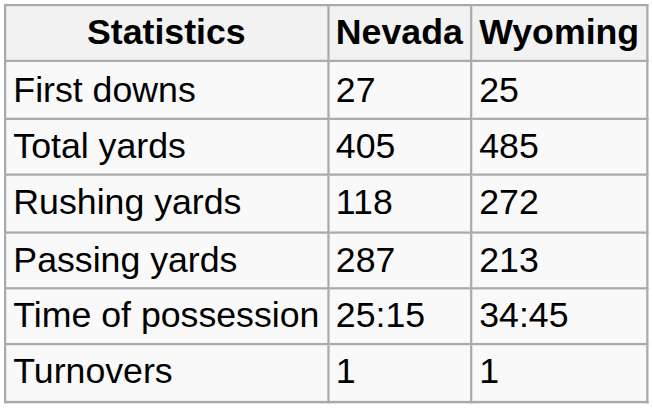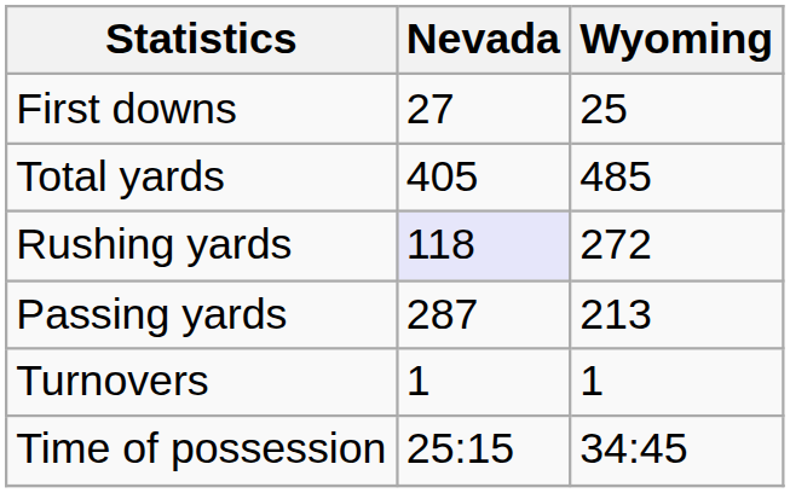 <table class="wikitable">
 <tr>
 <th>Statistics</th>
 <th>Nevada</th>
 <th>Wyoming</th>
 </tr>
 <tr>
 <td>First downs</td>
 <td>27</td>
 <td>25</td>
 </tr>
 <tr>
 <td>Total yards</td>
 <td>405</td>
 <td>485</td>
 </tr>
 <tr>
 <td>Rushing yards</td>
-<td>118</td>
+<td style="background: lavender;">118</td>
 <td>272</td>
 </tr>
 <tr>
 <td>Passing yards</td>
 <td>287</td>
 <td>213</td>
 </tr>
 <tr>
+<td>Turnovers</td>
+<td>1</td>
+<td>1</td>
+</tr>
+<tr>
 <td>Time of possession</td>
 <td>25:15</td>
 <td>34:45</td>
 </tr>
 <tr>
-<td>Turnovers</td>
-<td>1</td>
-<td>1</td>
-</tr>
-<tr>
 </tr>
 </table>
